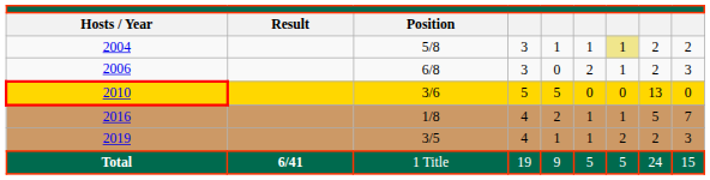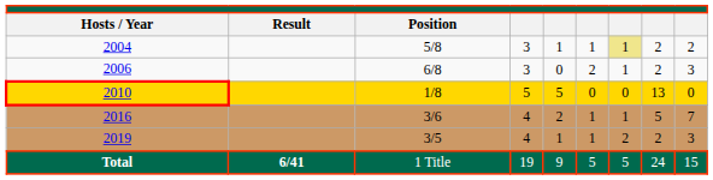 <table class="wikitable" style="text-align: center; font-size:100%; width: 800px">
 <tr>
 <th colspan=9 style="background: #006a4e;border: 2px solid #ff3300;color: #FFFFFF;"><a href='#'></a></th>
 </tr>
 <tr>
 <th>Hosts / Year</th>
 <th>Result</th>
 <th>Position</th>
 <th width=30></th>
 <th width=30></th>
 <th width=30></th>
 <th width=30></th>
 <th width=30></th>
 <th width=30></th>
 </tr>
 <tr>
 <td> <a href='#'>2004</a></td>
 <td></td>
 <td>5/8</td>
 <td>3</td>
 <td>1</td>
 <td>1</td>
 <td style="background: khaki;">1</td>
 <td>2</td>
 <td>2</td>
 </tr>
 <tr>
 <td> <a href='#'>2006</a></td>
 <td></td>
 <td>6/8</td>
 <td>3</td>
 <td>0</td>
 <td>2</td>
 <td>1</td>
 <td>2</td>
 <td>3</td>
 </tr>
 <tr bgcolor=gold>
 <td style="border: 3px solid red"> <a href='#'>2010</a></td>
 <td></td>
-<td>3/6</td>
+<td>1/8</td>
 <td>5</td>
 <td>5</td>
 <td>0</td>
 <td>0</td>
 <td>13</td>
 <td>0</td>
 </tr>
 <tr bgcolor=cc9966>
 <td> <a href='#'>2016</a></td>
 <td></td>
-<td>1/8</td>
+<td>3/6</td>
 <td>4</td>
 <td>2</td>
 <td>1</td>
 <td>1</td>
 <td>5</td>
 <td>7</td>
 </tr>
 <tr bgcolor=cc9966>
 <td> <a href='#'>2019</a></td>
 <td></td>
 <td>3/5</td>
 <td>4</td>
 <td>1</td>
 <td>1</td>
 <td>2</td>
 <td>2</td>
 <td>3</td>
 </tr>
 <tr>
 <td style="background: #006a4e;border: 2px solid #ff3300;color: #FFFFFF;"><strong>Total</strong></td>
 <td style="background: #006a4e;border: 2px solid #ff3300;color: #FFFFFF;"><strong>6/41</strong></td>
 <td style="background: #006a4e;border: 2px solid #ff3300;color: #FFFFFF;">1 Title</td>
 <td style="background: #006a4e;border: 2px solid #ff3300;color: #FFFFFF;">19</td>
 <td style="background: #006a4e;border: 2px solid #ff3300;color: #FFFFFF;">9</td>
 <td style="background: #006a4e;border: 2px solid #ff3300;color: #FFFFFF;">5</td>
 <td style="background: #006a4e;border: 2px solid #ff3300;color: #FFFFFF;">5</td>
 <td style="background: #006a4e;border: 2px solid #ff3300;color: #FFFFFF;">24</td>
 <td style="background: #006a4e;border: 2px solid #ff3300;color: #FFFFFF;">15</td>
 </tr>
 </table>
